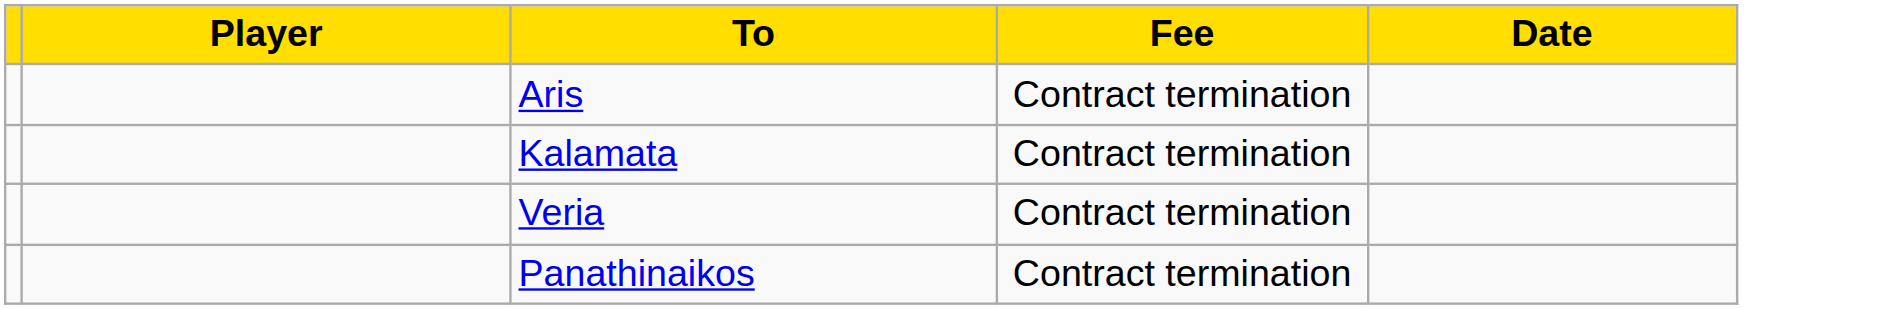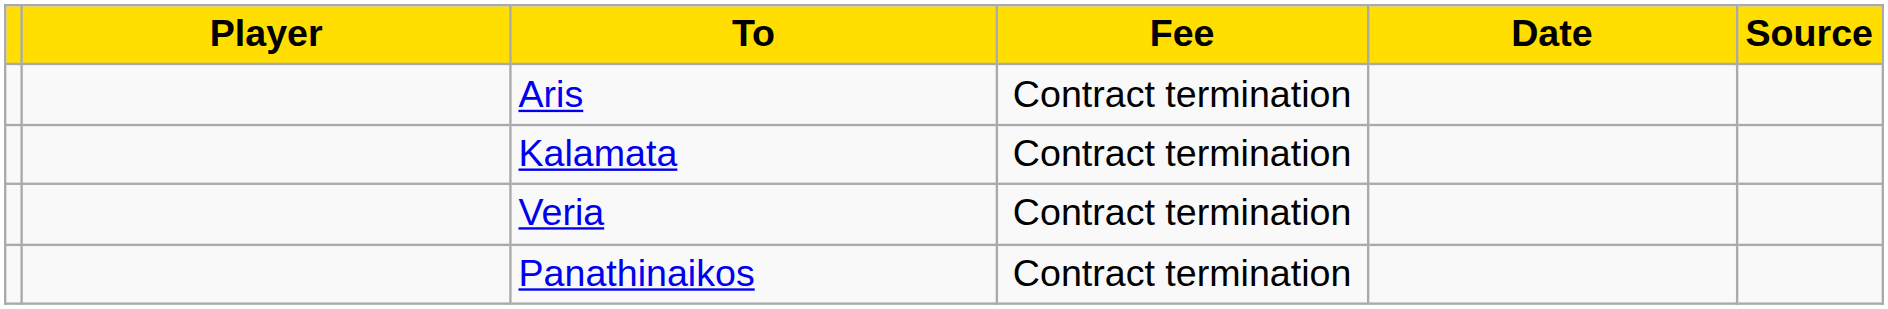 <table class="wikitable sortable">
 <tr>
 <th style="background:#FFDE00"></th>
 <th width=200 style="background:#FFDE00">Player</th>
 <th width=200 style="background:#FFDE00">To</th>
 <th width=150 style="background:#FFDE00">Fee</th>
 <th width=150 style="background:#FFDE00">Date</th>
+<th style="background:#FFDE00">Source</th>
 </tr>
 <tr>
 <td align=center></td>
 <td></td>
 <td> <a href='#'>Aris</a></td>
 <td align=center>Contract termination</td>
+<td align=center></td>
 <td align=center></td>
 </tr>
 <tr>
 <td align=center></td>
 <td></td>
 <td> <a href='#'>Kalamata</a></td>
 <td align=center>Contract termination</td>
 <td align=center></td>
+<td align=center></td>
 </tr>
 <tr>
 <td align=center></td>
 <td></td>
 <td> <a href='#'>Veria</a></td>
 <td align=center>Contract termination</td>
+<td align=center></td>
 <td align=center></td>
 </tr>
 <tr>
 <td align=center></td>
 <td></td>
 <td> <a href='#'>Panathinaikos</a></td>
 <td align=center>Contract termination</td>
 <td align=center></td>
+<td align=center></td>
 </tr>
 </table>
